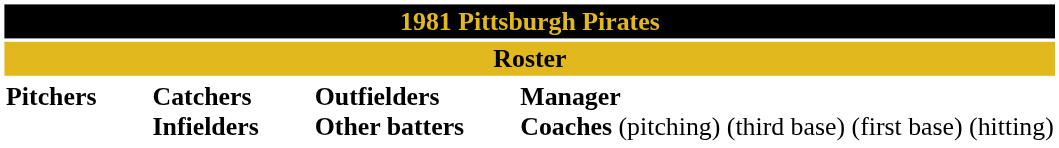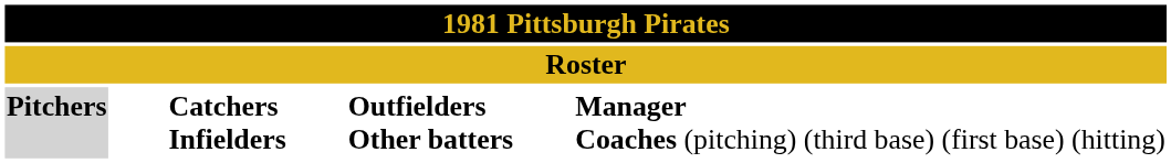 <table class="toccolours" style="font-size: 95%;">
 <tr>
 <th colspan="10" style="background-color: black; color: #e1b81e; text-align: center;">1981 Pittsburgh Pirates</th>
 </tr>
 <tr>
 <td colspan="10" style="background-color: #e1b81e; color: black; text-align: center;"><strong>Roster</strong></td>
 </tr>
 <tr>
-<td valign="top"><strong>Pitchers</strong><br>               </td>
+<td valign="top" style="background: lightgrey;"><strong>Pitchers</strong><br>               </td>
 <td width="25px"></td>
 <td valign="top"><strong>Catchers</strong><br>  <strong>Infielders</strong>             </td>
 <td width="25px"></td>
 <td valign="top"><strong>Outfielders</strong><br>     <strong>Other batters</strong> </td>
 <td width="25px"></td>
 <td valign="top"><strong>Manager</strong><br> <strong>Coaches</strong>  (pitching)  (third base)  (first base)  (hitting)</td>
 </tr>
 </table>
